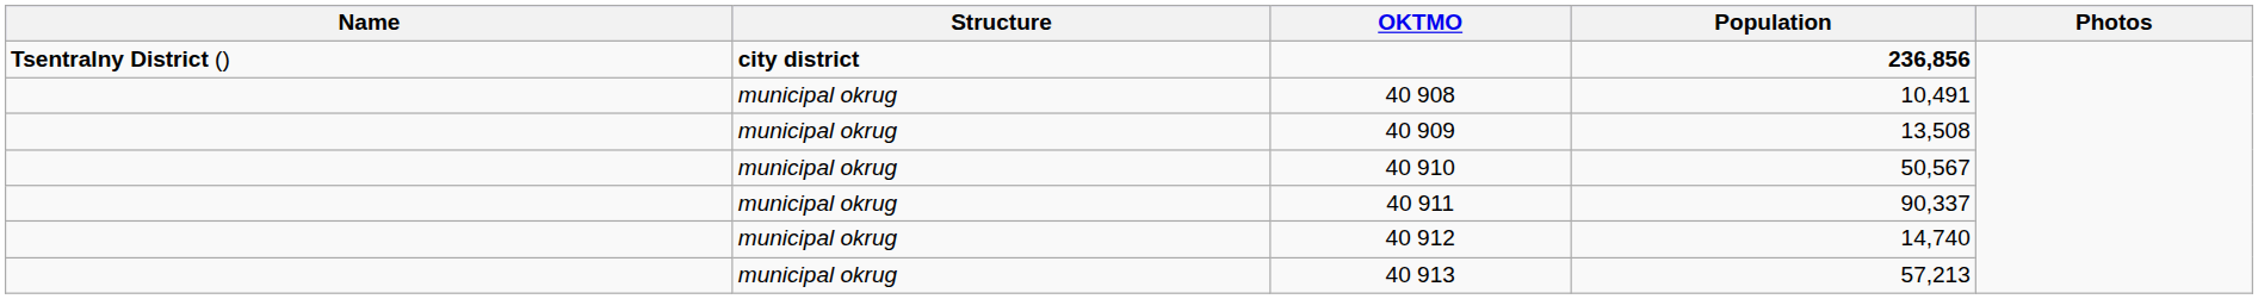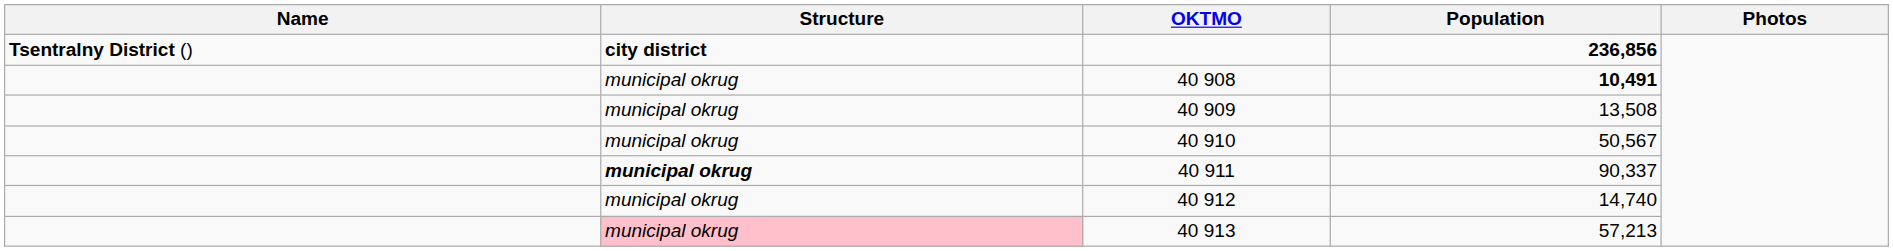 <table width=100% class="wikitable">
 <tr bgcolor="#CCCCFF" align="left">
 <th>Name</th>
 <th>Structure</th>
 <th><a href='#'>OKTMO</a></th>
 <th>Population</th>
 <th>Photos</th>
 </tr>
 <tr valign="top">
 <td><strong>Tsentralny District</strong> ()</td>
 <td align="left"><strong>city district</strong></td>
 <td></td>
 <td align="right"><strong>236,856</strong></td>
 <td rowspan="8"></td>
 </tr>
 <tr>
 <td><br></td>
 <td align="left"><em>municipal okrug</em></td>
 <td align="center">40 908</td>
-<td align="right">10,491</td>
+<td align="right"><strong>10,491</strong></td>
 </tr>
 <tr>
 <td><br></td>
 <td align="left"><em>municipal okrug</em></td>
 <td align="center">40 909</td>
 <td align="right">13,508</td>
 </tr>
 <tr>
 <td><br></td>
 <td align="left"><em>municipal okrug</em></td>
 <td align="center">40 910</td>
 <td align="right">50,567</td>
 </tr>
 <tr>
 <td><br></td>
-<td align="left"><em>municipal okrug</em></td>
+<td align="left"><strong><em>municipal okrug</em></strong></td>
 <td align="center">40 911</td>
 <td align="right">90,337</td>
 </tr>
 <tr>
 <td><br></td>
 <td align="left"><em>municipal okrug</em></td>
 <td align="center">40 912</td>
 <td align="right">14,740</td>
 </tr>
 <tr>
 <td><br></td>
-<td align="left"><em>municipal okrug</em></td>
+<td align="left" style="background: pink;"><em>municipal okrug</em></td>
 <td align="center">40 913</td>
 <td align="right">57,213</td>
 </tr>
 </table>
